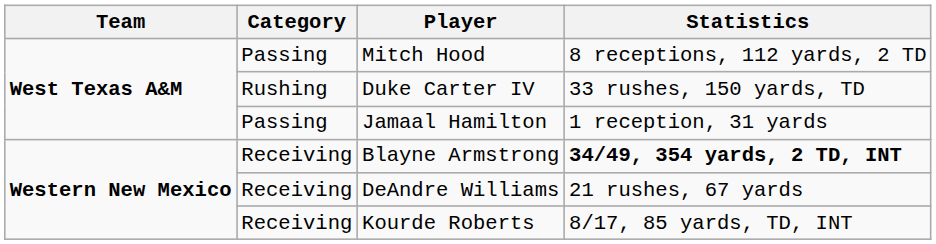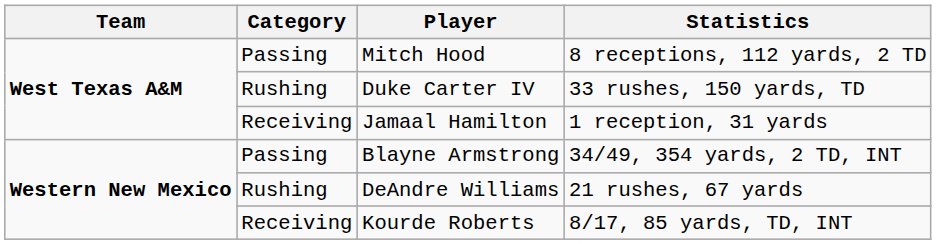 <table class="wikitable" style="float: left;">
 <tr>
 <th>Team</th>
 <th>Category</th>
 <th>Player</th>
 <th>Statistics</th>
 </tr>
 <tr>
 <td rowspan=3><strong>West Texas A&M</strong></td>
 <td>Passing</td>
 <td>Mitch Hood</td>
 <td>8 receptions, 112 yards, 2 TD</td>
 </tr>
 <tr>
 <td>Rushing</td>
 <td>Duke Carter IV</td>
 <td>33 rushes, 150 yards, TD</td>
 </tr>
 <tr>
-<td>Passing</td>
+<td>Receiving</td>
 <td>Jamaal Hamilton</td>
 <td>1 reception, 31 yards</td>
 </tr>
 <tr>
 <td rowspan=3><strong>Western New Mexico</strong></td>
-<td>Receiving</td>
+<td>Passing</td>
 <td>Blayne Armstrong</td>
-<td><strong>34/49, 354 yards, 2 TD, INT</strong></td>
+<td>34/49, 354 yards, 2 TD, INT</td>
 </tr>
 <tr>
-<td>Receiving</td>
+<td>Rushing</td>
 <td>DeAndre Williams</td>
 <td>21 rushes, 67 yards</td>
 </tr>
 <tr>
 <td>Receiving</td>
 <td>Kourde Roberts</td>
 <td>8/17, 85 yards, TD, INT</td>
 </tr>
 </table>
